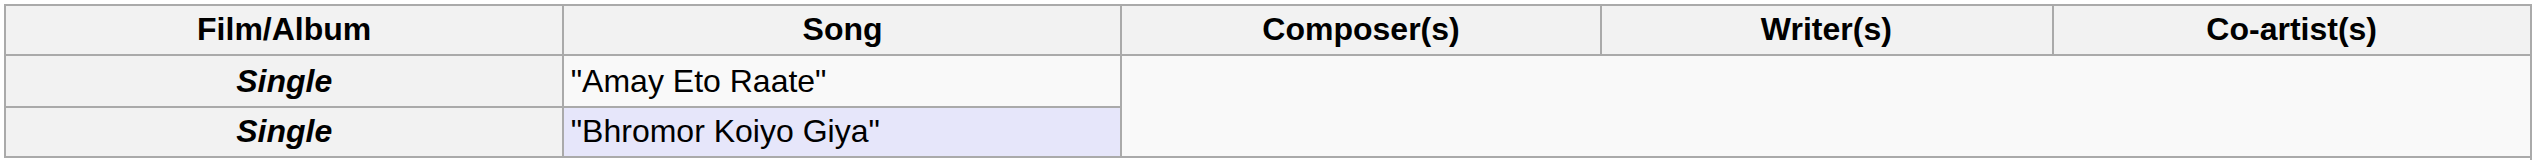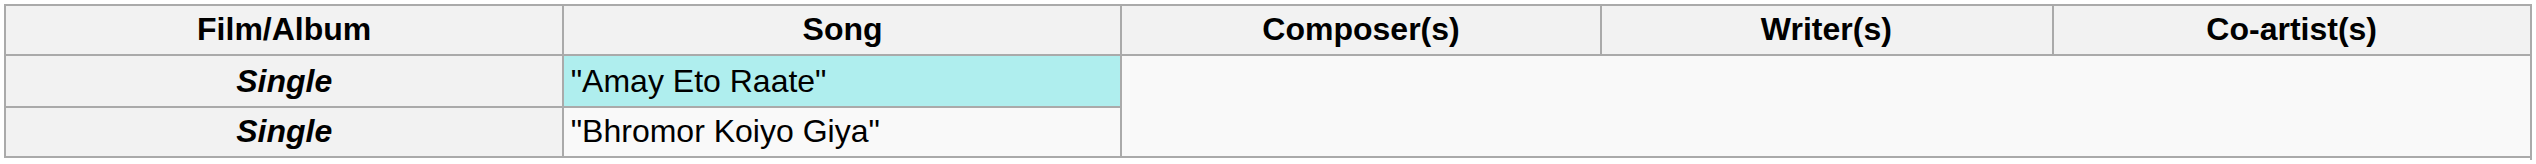 <table class="wikitable plainrowheaders" width="100%">
 <tr>
 <th scope="col" width=21%><strong>Film/Album</strong></th>
 <th scope="col" width=21%><strong>Song</strong></th>
 <th scope="col" width=18%><strong>Composer(s)</strong></th>
 <th scope="col" width=17%><strong>Writer(s)</strong></th>
 <th scope="col" width=18%><strong>Co-artist(s)</strong></th>
 </tr>
 <tr>
 <th scope="row"><em>Single</em></th>
-<td>"Amay Eto Raate"</td>
+<td style="background: paleturquoise;">"Amay Eto Raate"</td>
 </tr>
 <tr>
 <th scope="row"><em>Single</em></th>
-<td style="background: lavender;">"Bhromor Koiyo Giya"</td>
+<td>"Bhromor Koiyo Giya"</td>
 </tr>
 <tr>
 </tr>
 </table>
